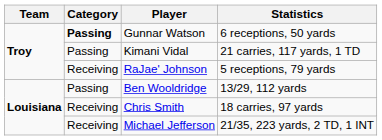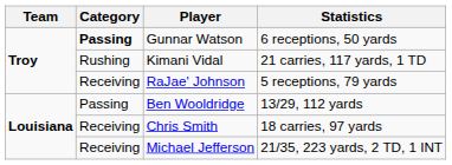 <table class="wikitable" style="float: left;">
 <tr>
 <th>Team</th>
 <th>Category</th>
 <th>Player</th>
 <th>Statistics</th>
 </tr>
 <tr>
 <td rowspan=3><strong>Troy</strong></td>
 <td><strong>Passing</strong></td>
 <td>Gunnar Watson</td>
 <td>6 receptions, 50 yards</td>
 </tr>
 <tr>
-<td>Passing</td>
+<td>Rushing</td>
 <td>Kimani Vidal</td>
 <td>21 carries, 117 yards, 1 TD</td>
 </tr>
 <tr>
 <td>Receiving</td>
 <td><a href='#'>RaJae' Johnson</a></td>
 <td>5 receptions, 79 yards</td>
 </tr>
 <tr>
 <td rowspan=3><strong>Louisiana</strong></td>
 <td>Passing</td>
 <td><a href='#'>Ben Wooldridge</a></td>
 <td>13/29, 112 yards</td>
 </tr>
 <tr>
 <td>Receiving</td>
 <td><a href='#'>Chris Smith</a></td>
 <td>18 carries, 97 yards</td>
 </tr>
 <tr>
 <td>Receiving</td>
 <td><a href='#'>Michael Jefferson</a></td>
 <td>21/35, 223 yards, 2 TD, 1 INT</td>
 </tr>
 </table>
